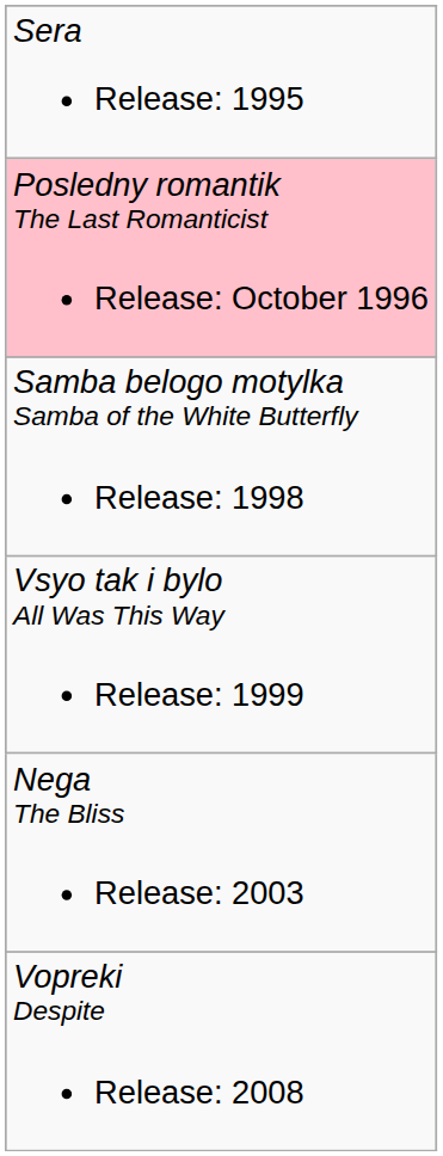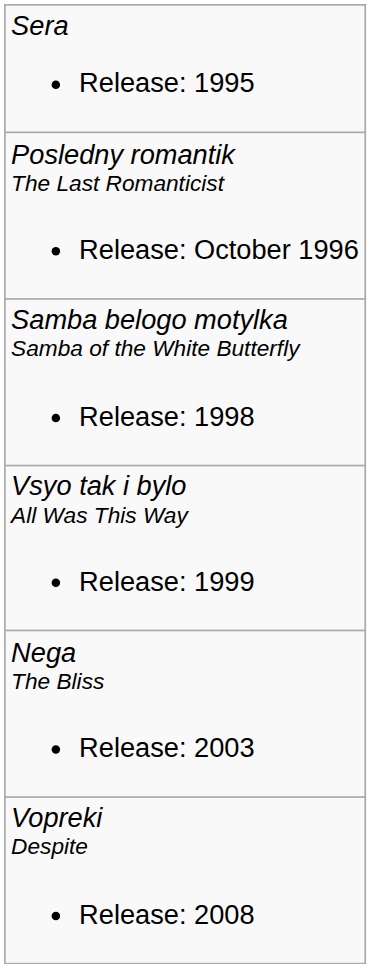 <table class="wikitable">
 <tr>
 <td><em>Sera</em><br><ul><li>Release: 1995</li></ul></td>
 </tr>
 <tr>
-<td style="background: pink;"><em>Posledny romantik</em><br><sup><em>The Last Romanticist</em></sup><br><ul><li>Release: October 1996</li></ul></td>
+<td><em>Posledny romantik</em><br><sup><em>The Last Romanticist</em></sup><br><ul><li>Release: October 1996</li></ul></td>
 </tr>
 <tr>
 <td><em>Samba belogo motylka</em><br><sup><em>Samba of the White Butterfly</em></sup><br><ul><li>Release: 1998</li></ul></td>
 </tr>
 <tr>
 <td><em>Vsyo tak i bylo</em><br><sup><em>All Was This Way</em></sup><br><ul><li>Release: 1999</li></ul></td>
 </tr>
 <tr>
 <td><em>Nega</em><br><sup><em>The Bliss</em></sup><br><ul><li>Release: 2003</li></ul></td>
 </tr>
 <tr>
 <td><em>Vopreki</em><br><sup><em>Despite</em></sup><br><ul><li>Release: 2008</li></ul></td>
 </tr>
 </table>
